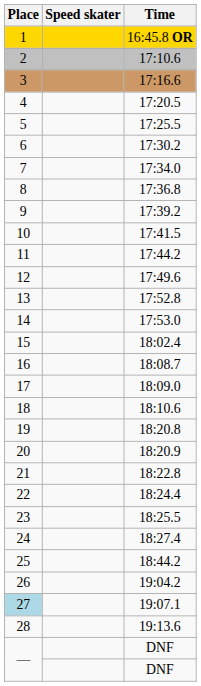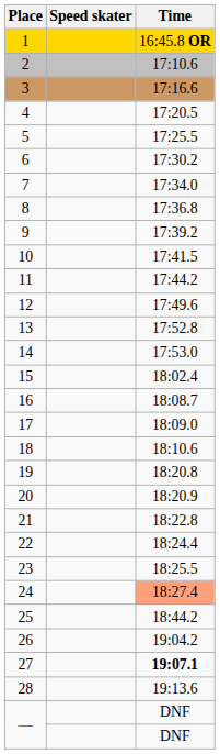 <table class="wikitable" style="text-align:center">
 <tr>
 <th>Place</th>
 <th>Speed skater</th>
 <th>Time</th>
 </tr>
 <tr bgcolor=gold>
 <td>1</td>
 <td align=left></td>
 <td>16:45.8 <strong>OR</strong></td>
 </tr>
 <tr bgcolor=silver>
 <td>2</td>
 <td align=left></td>
 <td>17:10.6</td>
 </tr>
 <tr bgcolor=cc9966>
 <td>3</td>
 <td align=left></td>
 <td>17:16.6</td>
 </tr>
 <tr>
 <td>4</td>
 <td align=left></td>
 <td>17:20.5</td>
 </tr>
 <tr>
 <td>5</td>
 <td align=left></td>
 <td>17:25.5</td>
 </tr>
 <tr>
 <td>6</td>
 <td align=left></td>
 <td>17:30.2</td>
 </tr>
 <tr>
 <td>7</td>
 <td align=left></td>
 <td>17:34.0</td>
 </tr>
 <tr>
 <td>8</td>
 <td align=left></td>
 <td>17:36.8</td>
 </tr>
 <tr>
 <td>9</td>
 <td align=left></td>
 <td>17:39.2</td>
 </tr>
 <tr>
 <td>10</td>
 <td align=left></td>
 <td>17:41.5</td>
 </tr>
 <tr>
 <td>11</td>
 <td align=left></td>
 <td>17:44.2</td>
 </tr>
 <tr>
 <td>12</td>
 <td align=left></td>
 <td>17:49.6</td>
 </tr>
 <tr>
 <td>13</td>
 <td align=left></td>
 <td>17:52.8</td>
 </tr>
 <tr>
 <td>14</td>
 <td align=left></td>
 <td>17:53.0</td>
 </tr>
 <tr>
 <td>15</td>
 <td align=left></td>
 <td>18:02.4</td>
 </tr>
 <tr>
 <td>16</td>
 <td align=left></td>
 <td>18:08.7</td>
 </tr>
 <tr>
 <td>17</td>
 <td align=left></td>
 <td>18:09.0</td>
 </tr>
 <tr>
 <td>18</td>
 <td align=left></td>
 <td>18:10.6</td>
 </tr>
 <tr>
 <td>19</td>
 <td align=left></td>
 <td>18:20.8</td>
 </tr>
 <tr>
 <td>20</td>
 <td align=left></td>
 <td>18:20.9</td>
 </tr>
 <tr>
 <td>21</td>
 <td align=left></td>
 <td>18:22.8</td>
 </tr>
 <tr>
 <td>22</td>
 <td align=left></td>
 <td>18:24.4</td>
 </tr>
 <tr>
 <td>23</td>
 <td align=left></td>
 <td>18:25.5</td>
 </tr>
 <tr>
 <td>24</td>
 <td align=left></td>
-<td>18:27.4</td>
+<td style="background: lightsalmon;">18:27.4</td>
 </tr>
 <tr>
 <td>25</td>
 <td align=left></td>
 <td>18:44.2</td>
 </tr>
 <tr>
 <td>26</td>
 <td align=left></td>
 <td>19:04.2</td>
 </tr>
 <tr>
-<td style="background: lightblue;">27</td>
+<td>27</td>
 <td align=left></td>
-<td>19:07.1</td>
+<td><strong>19:07.1</strong></td>
 </tr>
 <tr>
 <td>28</td>
 <td align=left></td>
 <td>19:13.6</td>
 </tr>
 <tr>
 <td rowspan=2>—</td>
 <td align=left></td>
 <td>DNF</td>
 </tr>
 <tr>
 <td align=left></td>
 <td>DNF</td>
 </tr>
 </table>
